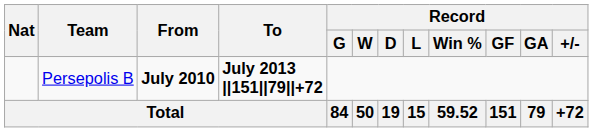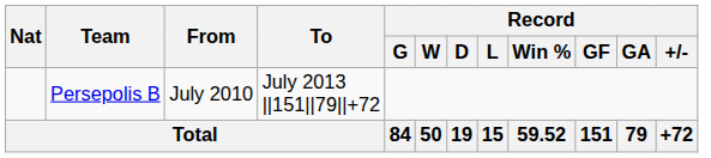 <table class="wikitable" style="text-align: center">
 <tr>
 <th rowspan="2">Nat</th>
 <th rowspan="2">Team</th>
 <th rowspan="2">From</th>
 <th rowspan="2">To</th>
 <th colspan="8">Record</th>
 </tr>
 <tr>
 <th>G</th>
 <th>W</th>
 <th>D</th>
 <th>L</th>
 <th>Win %</th>
 <th>GF</th>
 <th>GA</th>
 <th>+/-</th>
 </tr>
 <tr>
 <td></td>
 <td><a href='#'>Persepolis B</a></td>
-<td align="left"><strong>July 2010</strong></td>
-<td align="left"><strong>July 2013<br>||151||79||+72</strong></td>
+<td align="left">July 2010</td>
+<td align="left">July 2013<br>||151||79||+72</td>
 </tr>
 <tr>
 <th colspan="4">Total</th>
 <th>84</th>
 <th>50</th>
 <th>19</th>
 <th>15</th>
 <th>59.52</th>
 <th>151</th>
 <th>79</th>
 <th>+72</th>
 </tr>
 </table>
